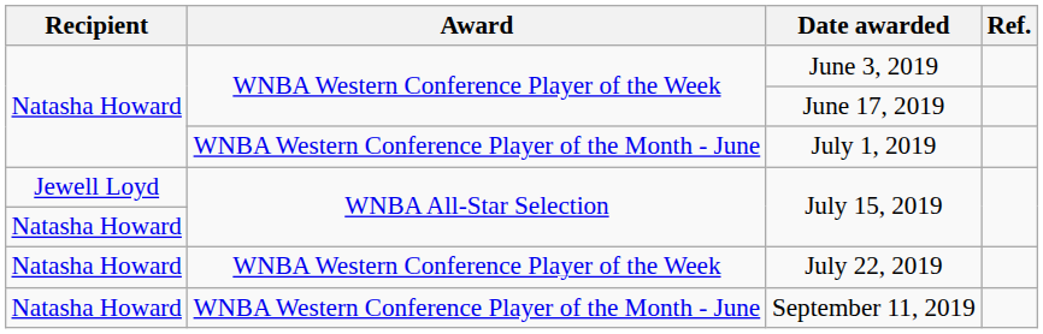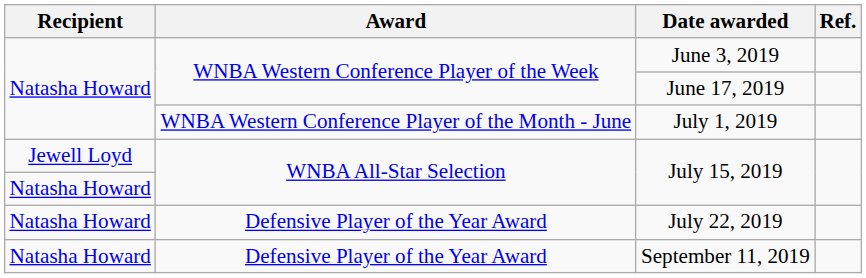 <table class="wikitable sortable sortable" style="text-align: center">
 <tr>
 <th>Recipient</th>
 <th>Award</th>
 <th>Date awarded</th>
 <th>Ref.</th>
 </tr>
 <tr>
 <td rowspan=3><a href='#'>Natasha Howard</a></td>
 <td rowspan=2><a href='#'>WNBA Western Conference Player of the Week</a></td>
 <td>June 3, 2019</td>
 <td></td>
 </tr>
 <tr>
 <td>June 17, 2019</td>
 <td></td>
 </tr>
 <tr>
 <td><a href='#'>WNBA Western Conference Player of the Month - June</a></td>
 <td>July 1, 2019</td>
 <td></td>
 </tr>
 <tr>
 <td><a href='#'>Jewell Loyd</a></td>
 <td rowspan=2><a href='#'>WNBA All-Star Selection</a></td>
 <td rowspan=2>July 15, 2019</td>
 <td rowspan=2></td>
 </tr>
 <tr>
 <td><a href='#'>Natasha Howard</a></td>
 </tr>
 <tr>
 <td><a href='#'>Natasha Howard</a></td>
-<td><a href='#'>WNBA Western Conference Player of the Week</a></td>
+<td><a href='#'>Defensive Player of the Year Award</a></td>
 <td>July 22, 2019</td>
 <td></td>
 </tr>
 <tr>
 <td><a href='#'>Natasha Howard</a></td>
-<td><a href='#'>WNBA Western Conference Player of the Month - June</a></td>
+<td><a href='#'>Defensive Player of the Year Award</a></td>
 <td>September 11, 2019</td>
 <td></td>
 </tr>
 </table>
